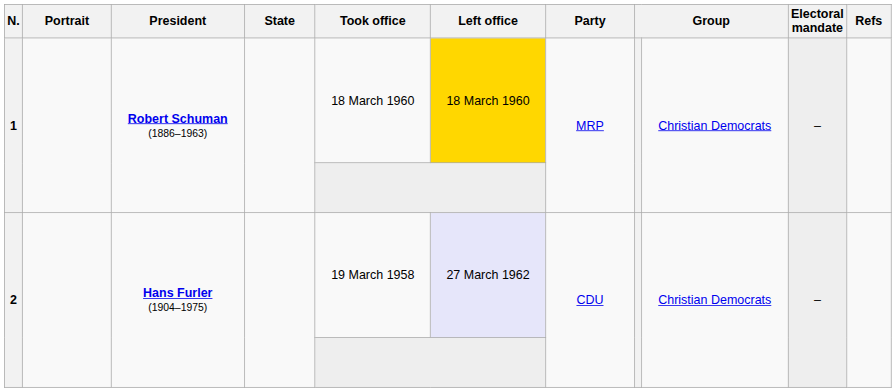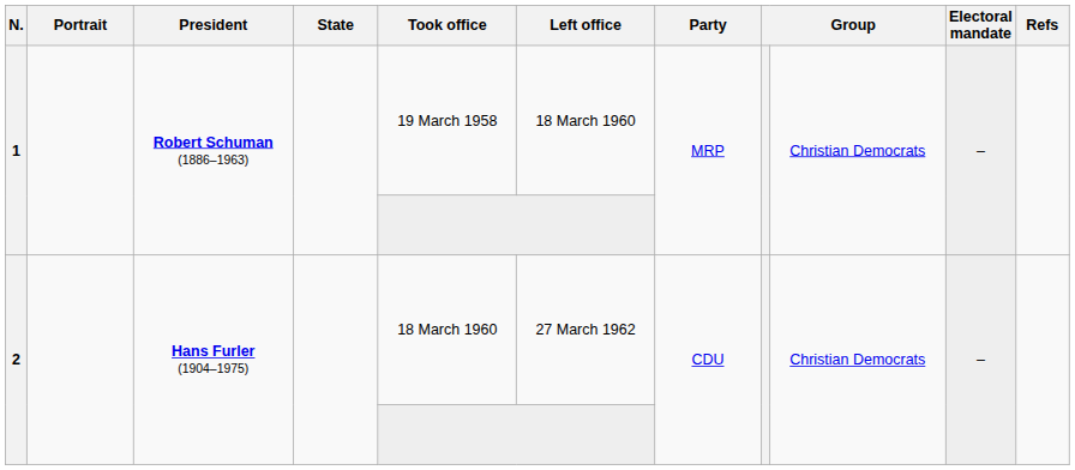 <table class="wikitable" style="text-align:center; style="width=90%">
 <tr>
 <th width=1%>N.</th>
 <th width=10%>Portrait</th>
 <th width=15%>President<br></th>
 <th width=8%>State</th>
 <th width=13%>Took office</th>
 <th width=13%>Left office</th>
 <th width=10%>Party</th>
 <th widht=10% colspan=2>Group</th>
 <th width=5%>Electoral mandate</th>
 <th width=5%>Refs</th>
 </tr>
 <tr style="height:10em;">
 <th rowspan=2>1</th>
 <td rowspan=2></td>
 <td rowspan=2><strong><a href='#'>Robert Schuman</a></strong><br><small>(1886–1963)</small></td>
 <td rowspan=2></td>
+<td>19 March 1958</td>
 <td>18 March 1960</td>
-<td style="background: gold;">18 March 1960</td>
 <td rowspan=2><a href='#'>MRP</a></td>
 <th rowspan=2 style="background:"></th>
 <td rowspan=2><a href='#'>Christian Democrats</a></td>
 <td rowspan=2 bgcolor=#EEEEEE>–</td>
 <td rowspan=2></td>
 </tr>
 <tr style="height:4em;">
 <td colspan=2 bgcolor=#EEEEEE></td>
 </tr>
 <tr style="height:10em;">
 <th rowspan=2>2</th>
 <td rowspan=2></td>
 <td rowspan=2><strong><a href='#'>Hans Furler</a></strong><br><small>(1904–1975)</small></td>
 <td rowspan=2></td>
-<td>19 March 1958</td>
-<td style="background: lavender;">27 March 1962</td>
+<td>18 March 1960</td>
+<td>27 March 1962</td>
 <td rowspan=2><a href='#'>CDU</a></td>
 <th rowspan=2 style="background:"></th>
 <td rowspan=2><a href='#'>Christian Democrats</a></td>
 <td rowspan=2 bgcolor=#EEEEEE>–</td>
 <td rowspan=2></td>
 </tr>
 <tr style="height:4em;">
 <td colspan=2 bgcolor=#EEEEEE></td>
 </tr>
 </table>
